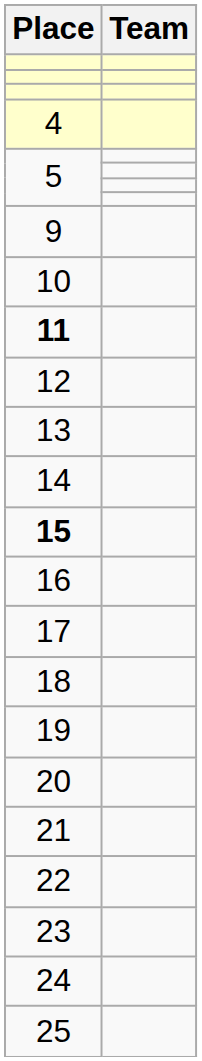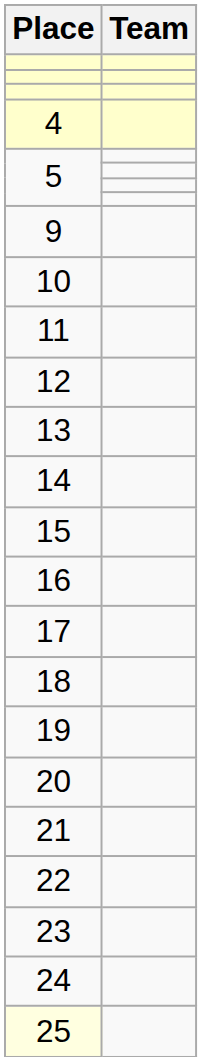 <table class="wikitable">
 <tr>
 <th>Place</th>
 <th>Team</th>
 </tr>
 <tr bgcolor=#ffffcc>
 <td align=center></td>
 <td></td>
 </tr>
 <tr bgcolor=#ffffcc>
 <td align=center></td>
 <td></td>
 </tr>
 <tr bgcolor=#ffffcc>
 <td align=center></td>
 <td></td>
 </tr>
 <tr bgcolor=#ffffcc>
 <td align=center>4</td>
 <td></td>
 </tr>
 <tr>
 <td align=center rowspan="4">5</td>
 <td></td>
 </tr>
 <tr>
 <td></td>
 </tr>
 <tr>
 <td></td>
 </tr>
 <tr>
 <td></td>
 </tr>
 <tr>
 <td align=center>9</td>
 <td></td>
 </tr>
 <tr>
 <td align=center>10</td>
 <td></td>
 </tr>
 <tr>
-<td align=center><strong>11</strong></td>
+<td align=center>11</td>
 <td></td>
 </tr>
 <tr>
 <td align=center>12</td>
 <td></td>
 </tr>
 <tr>
 <td align=center>13</td>
 <td></td>
 </tr>
 <tr>
 <td align=center>14</td>
 <td></td>
 </tr>
 <tr>
-<td align=center><strong>15</strong></td>
+<td align=center>15</td>
 <td></td>
 </tr>
 <tr>
 <td align=center>16</td>
 <td></td>
 </tr>
 <tr>
 <td align=center>17</td>
 <td></td>
 </tr>
 <tr>
 <td align=center>18</td>
 <td></td>
 </tr>
 <tr>
 <td align=center>19</td>
 <td></td>
 </tr>
 <tr>
 <td align=center>20</td>
 <td></td>
 </tr>
 <tr>
 <td align=center>21</td>
 <td></td>
 </tr>
 <tr>
 <td align=center>22</td>
 <td></td>
 </tr>
 <tr>
 <td align=center>23</td>
 <td></td>
 </tr>
 <tr>
 <td align=center>24</td>
 <td></td>
 </tr>
 <tr>
-<td align=center>25</td>
+<td align=center style="background: lightyellow;">25</td>
 <td></td>
 </tr>
 </table>
